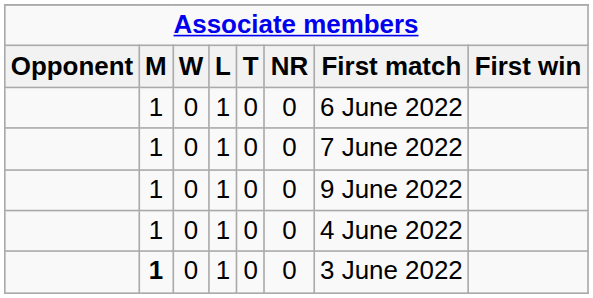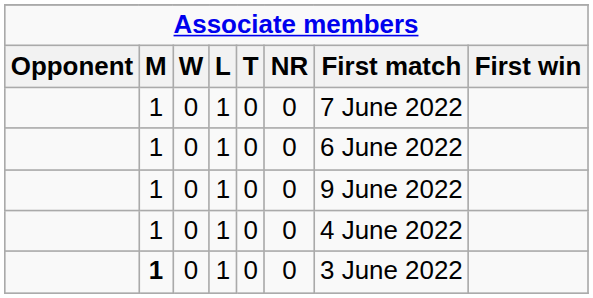 <table class="wikitable" style="text-align: center;">
 <tr>
 </tr>
 <tr>
 <td colspan="30" style="text-align: center;"><strong><a href='#'>Associate members</a></strong></td>
 </tr>
 <tr>
 <th>Opponent</th>
 <th>M</th>
 <th>W</th>
 <th>L</th>
 <th>T</th>
 <th>NR</th>
 <th>First match</th>
 <th>First win</th>
 </tr>
 <tr>
 <td></td>
 <td>1</td>
 <td>0</td>
 <td>1</td>
 <td>0</td>
 <td>0</td>
-<td>6 June 2022</td>
+<td>7 June 2022</td>
 <td></td>
 </tr>
 <tr>
 <td></td>
 <td>1</td>
 <td>0</td>
 <td>1</td>
 <td>0</td>
 <td>0</td>
-<td>7 June 2022</td>
+<td>6 June 2022</td>
 <td></td>
 </tr>
 <tr>
 <td></td>
 <td>1</td>
 <td>0</td>
 <td>1</td>
 <td>0</td>
 <td>0</td>
 <td>9 June 2022</td>
 <td></td>
 </tr>
 <tr>
 <td></td>
 <td>1</td>
 <td>0</td>
 <td>1</td>
 <td>0</td>
 <td>0</td>
 <td>4 June 2022</td>
 <td></td>
 </tr>
 <tr>
 <td></td>
 <td><strong>1</strong></td>
 <td>0</td>
 <td>1</td>
 <td>0</td>
 <td>0</td>
 <td>3 June 2022</td>
 <td></td>
 </tr>
 </table>
